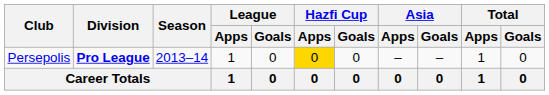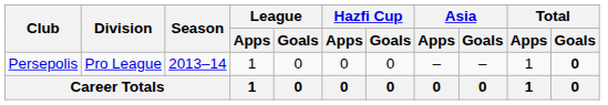 <table class="wikitable" style="text-align: center;">
 <tr>
 <th rowspan="2">Club</th>
 <th rowspan="2">Division</th>
 <th rowspan="2">Season</th>
 <th colspan="2">League</th>
 <th colspan="2"><a href='#'>Hazfi Cup</a></th>
 <th colspan="2"><a href='#'>Asia</a></th>
 <th colspan="2">Total</th>
 </tr>
 <tr>
 <th>Apps</th>
 <th>Goals</th>
 <th>Apps</th>
 <th>Goals</th>
 <th>Apps</th>
 <th>Goals</th>
 <th>Apps</th>
 <th>Goals</th>
 </tr>
 <tr>
 <td><a href='#'>Persepolis</a></td>
-<td><strong><a href='#'>Pro League</a></strong></td>
+<td><a href='#'>Pro League</a></td>
 <td><a href='#'>2013–14</a></td>
 <td>1</td>
 <td>0</td>
-<td style="background: gold;">0</td>
+<td>0</td>
 <td>0</td>
 <td>–</td>
 <td>–</td>
 <td>1</td>
-<td>0</td>
+<td><strong>0</strong></td>
 </tr>
 <tr>
 <th colspan=3>Career Totals</th>
 <th>1</th>
 <th>0</th>
 <th>0</th>
 <th>0</th>
 <th>0</th>
 <th>0</th>
 <th>1</th>
 <th>0</th>
 </tr>
 </table>
